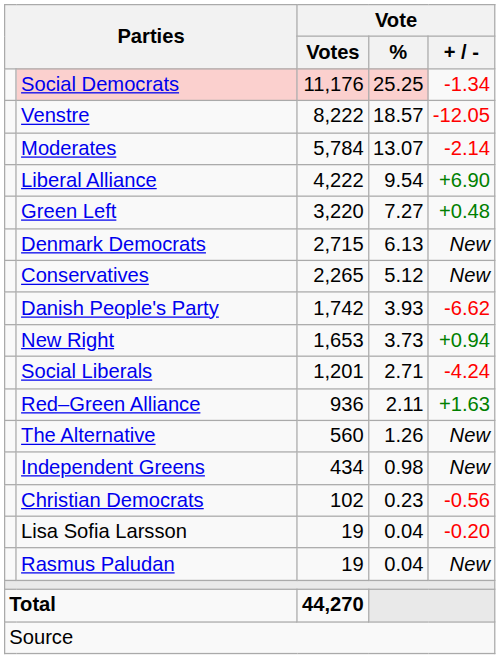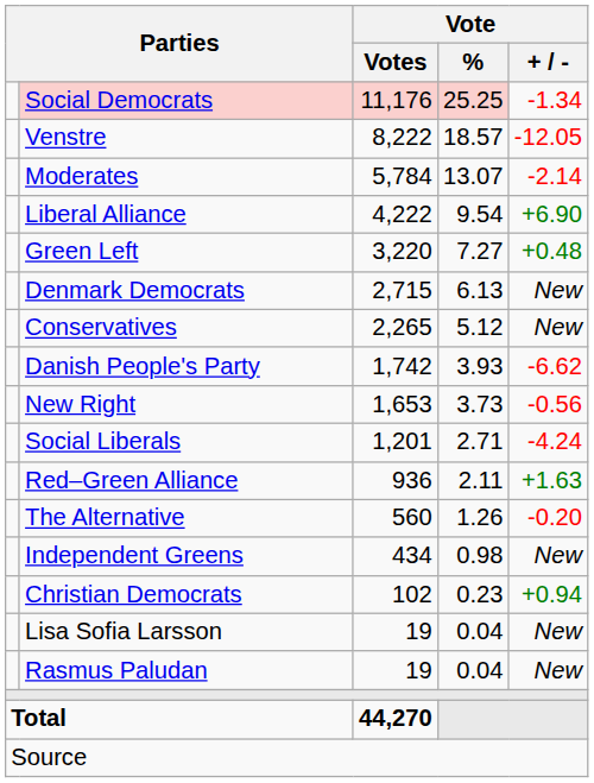 <table class="wikitable" style="text-align:right;">
 <tr>
 <th style="text-align:centre;" rowspan="2" colspan="2" width="225">Parties</th>
 <th colspan="3">Vote</th>
 </tr>
 <tr>
 <th width="15">Votes</th>
 <th width="15">%</th>
 <th width="15">+ / -</th>
 </tr>
 <tr>
 <td width="2" style="color:inherit;background:"></td>
 <td bgcolor=#fbd0ce  align="left"><a href='#'>Social Democrats</a></td>
 <td bgcolor=#fbd0ce>11,176</td>
 <td bgcolor=#fbd0ce>25.25</td>
 <td style=color:red;>-1.34</td>
 </tr>
 <tr>
 <td width="2" style="color:inherit;background:"></td>
 <td align="left"><a href='#'>Venstre</a></td>
 <td>8,222</td>
 <td>18.57</td>
 <td style=color:red;>-12.05</td>
 </tr>
 <tr>
 <td width="2" style="color:inherit;background:"></td>
 <td align="left"><a href='#'>Moderates</a></td>
 <td>5,784</td>
 <td>13.07</td>
 <td style=color:red;>-2.14</td>
 </tr>
 <tr>
 <td width="2" style="color:inherit;background:"></td>
 <td align="left"><a href='#'>Liberal Alliance</a></td>
 <td>4,222</td>
 <td>9.54</td>
 <td style=color:green;>+6.90</td>
 </tr>
 <tr>
 <td width="2" style="color:inherit;background:"></td>
 <td align="left"><a href='#'>Green Left</a></td>
 <td>3,220</td>
 <td>7.27</td>
 <td style=color:green;>+0.48</td>
 </tr>
 <tr>
 <td width="2" style="color:inherit;background:"></td>
 <td align="left"><a href='#'>Denmark Democrats</a></td>
 <td>2,715</td>
 <td>6.13</td>
 <td><em>New</em></td>
 </tr>
 <tr>
 <td width="2" style="color:inherit;background:"></td>
 <td align="left"><a href='#'>Conservatives</a></td>
 <td>2,265</td>
 <td>5.12</td>
 <td><em>New</em></td>
 </tr>
 <tr>
 <td width="2" style="color:inherit;background:"></td>
 <td align="left"><a href='#'>Danish People's Party</a></td>
 <td>1,742</td>
 <td>3.93</td>
 <td style=color:red;>-6.62</td>
 </tr>
 <tr>
 <td width="2" style="color:inherit;background:"></td>
 <td align="left"><a href='#'>New Right</a></td>
 <td>1,653</td>
 <td>3.73</td>
-<td style=color:green;>+0.94</td>
+<td style=color:red;>-0.56</td>
 </tr>
 <tr>
 <td width="2" style="color:inherit;background:"></td>
 <td align="left"><a href='#'>Social Liberals</a></td>
 <td>1,201</td>
 <td>2.71</td>
 <td style=color:red;>-4.24</td>
 </tr>
 <tr>
 <td width="2" style="color:inherit;background:"></td>
 <td align="left"><a href='#'>Red–Green Alliance</a></td>
 <td>936</td>
 <td>2.11</td>
 <td style=color:green;>+1.63</td>
 </tr>
 <tr>
 <td width="2" style="color:inherit;background:"></td>
 <td align="left"><a href='#'>The Alternative</a></td>
 <td>560</td>
 <td>1.26</td>
-<td><em>New</em></td>
+<td style=color:red;>-0.20</td>
 </tr>
 <tr>
 <td width="2" style="color:inherit;background:"></td>
 <td align="left"><a href='#'>Independent Greens</a></td>
 <td>434</td>
 <td>0.98</td>
 <td><em>New</em></td>
 </tr>
 <tr>
 <td width="2" style="color:inherit;background:"></td>
 <td align="left"><a href='#'>Christian Democrats</a></td>
 <td>102</td>
 <td>0.23</td>
-<td style=color:red;>-0.56</td>
+<td style=color:green;>+0.94</td>
 </tr>
 <tr>
 <td width="2" style="color:inherit;background:"></td>
 <td align="left">Lisa Sofia Larsson</td>
 <td>19</td>
 <td>0.04</td>
-<td style=color:red;>-0.20</td>
+<td><em>New</em></td>
 </tr>
 <tr>
 <td width="2" style="color:inherit;background:"></td>
 <td align="left"><a href='#'>Rasmus Paludan</a></td>
 <td>19</td>
 <td>0.04</td>
 <td><em>New</em></td>
 </tr>
 <tr>
 <td colspan="7" bgcolor="#E9E9E9"></td>
 </tr>
 <tr>
 <td align="left" colspan="2"><strong>Total</strong></td>
 <td><strong>44,270</strong></td>
 <td bgcolor="#E9E9E9" colspan="2"></td>
 </tr>
 <tr>
 <td align="left" colspan="6">Source</td>
 </tr>
 </table>
